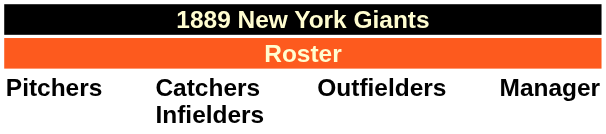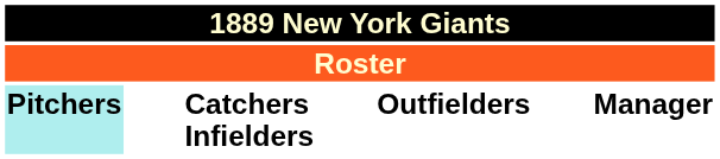 <table class="toccolours" style="font-size: 95%;">
 <tr>
 <th colspan="10" style="background-color: black; color: #FFFDD0; text-align: center;">1889 New York Giants</th>
 </tr>
 <tr>
 <td colspan="10" style="background-color: #fd5a1e; color: #FFFDD0; text-align: center;"><strong>Roster</strong></td>
 </tr>
 <tr>
-<td valign="top"><strong>Pitchers</strong><br>    </td>
+<td valign="top" style="background: paleturquoise;"><strong>Pitchers</strong><br>    </td>
 <td width="25px"></td>
 <td valign="top"><strong>Catchers</strong><br>   <strong>Infielders</strong>     </td>
 <td width="25px"></td>
 <td valign="top"><strong>Outfielders</strong><br>      </td>
 <td width="25px"></td>
 <td valign="top"><strong>Manager</strong><br></td>
 </tr>
 </table>
